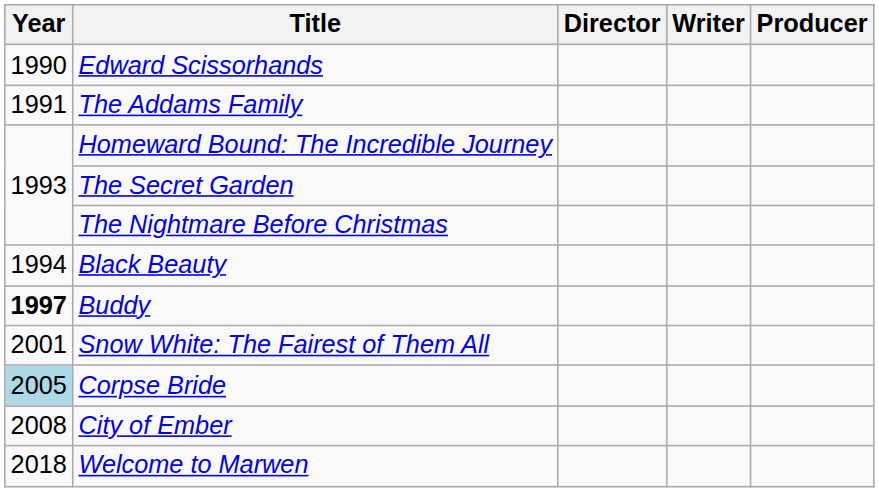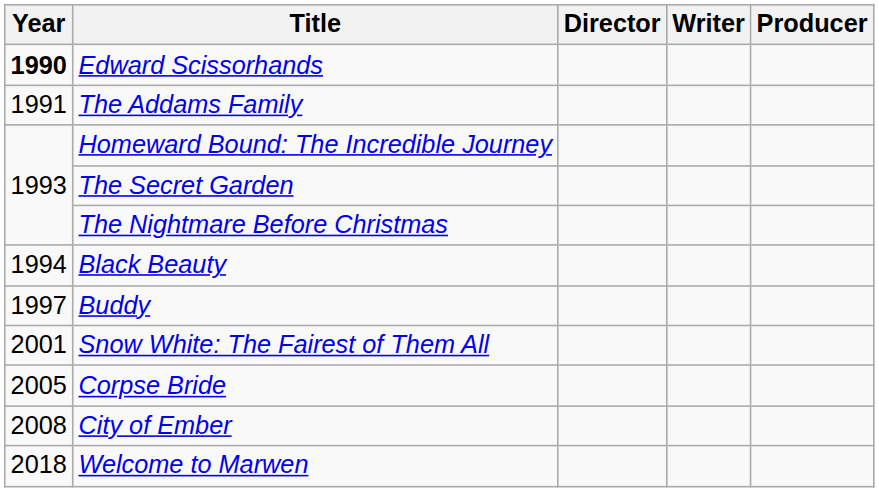 <table class="wikitable">
 <tr>
 <th>Year</th>
 <th>Title</th>
 <th>Director</th>
 <th>Writer</th>
 <th>Producer</th>
 </tr>
 <tr>
-<td>1990</td>
+<td><strong>1990</strong></td>
 <td><em><a href='#'>Edward Scissorhands</a></em></td>
 <td></td>
 <td></td>
 <td></td>
 </tr>
 <tr>
 <td>1991</td>
 <td><em><a href='#'>The Addams Family</a></em></td>
 <td></td>
 <td></td>
 <td></td>
 </tr>
 <tr>
 <td rowspan=3>1993</td>
 <td><em><a href='#'>Homeward Bound: The Incredible Journey</a></em></td>
 <td></td>
 <td></td>
 <td></td>
 </tr>
 <tr>
 <td><em><a href='#'>The Secret Garden</a></em></td>
 <td></td>
 <td></td>
 <td></td>
 </tr>
 <tr>
 <td><em><a href='#'>The Nightmare Before Christmas</a></em></td>
 <td></td>
 <td></td>
 <td></td>
 </tr>
 <tr>
 <td>1994</td>
 <td><em><a href='#'>Black Beauty</a></em></td>
 <td></td>
 <td></td>
 <td></td>
 </tr>
 <tr>
-<td><strong>1997</strong></td>
+<td>1997</td>
 <td><em><a href='#'>Buddy</a></em></td>
 <td></td>
 <td></td>
 <td></td>
 </tr>
 <tr>
 <td>2001</td>
 <td><em><a href='#'>Snow White: The Fairest of Them All</a></em></td>
 <td></td>
 <td></td>
 <td></td>
 </tr>
 <tr>
-<td style="background: lightblue;">2005</td>
+<td>2005</td>
 <td><em><a href='#'>Corpse Bride</a></em></td>
 <td></td>
 <td></td>
 <td></td>
 </tr>
 <tr>
 <td>2008</td>
 <td><em><a href='#'>City of Ember</a></em></td>
 <td></td>
 <td></td>
 <td></td>
 </tr>
 <tr>
 <td>2018</td>
 <td><em><a href='#'>Welcome to Marwen</a></em></td>
 <td></td>
 <td></td>
 <td></td>
 </tr>
 </table>
